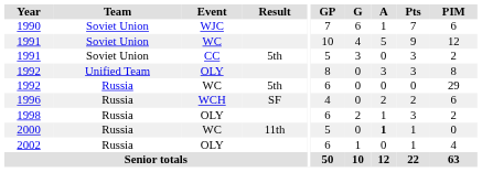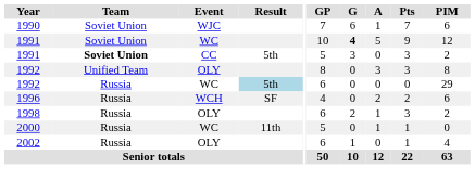 <table border="0" cellpadding="1" cellspacing="0" ID="Table3" style="text-align:center; width:40em">
 <tr bgcolor="#e0e0e0">
 <th>Year</th>
 <th>Team</th>
 <th>Event</th>
 <th>Result</th>
 <th rowspan="99" bgcolor="#ffffff"></th>
 <th>GP</th>
 <th>G</th>
 <th>A</th>
 <th>Pts</th>
 <th>PIM</th>
 </tr>
 <tr>
 <td><a href='#'>1990</a></td>
 <td><a href='#'>Soviet Union</a></td>
 <td><a href='#'>WJC</a></td>
 <td></td>
 <td>7</td>
 <td>6</td>
 <td>1</td>
 <td>7</td>
 <td>6</td>
 </tr>
 <tr bgcolor="#f0f0f0">
 <td><a href='#'>1991</a></td>
 <td><a href='#'>Soviet Union</a></td>
 <td><a href='#'>WC</a></td>
 <td></td>
 <td>10</td>
-<td>4</td>
+<td><strong>4</strong></td>
 <td>5</td>
 <td>9</td>
 <td>12</td>
 </tr>
 <tr>
 <td><a href='#'>1991</a></td>
-<td>Soviet Union</td>
+<td><strong>Soviet Union</strong></td>
 <td><a href='#'>CC</a></td>
 <td>5th</td>
 <td>5</td>
 <td>3</td>
 <td>0</td>
 <td>3</td>
 <td>2</td>
 </tr>
 <tr bgcolor="#f0f0f0">
 <td><a href='#'>1992</a></td>
 <td><a href='#'>Unified Team</a></td>
 <td><a href='#'>OLY</a></td>
 <td></td>
 <td>8</td>
 <td>0</td>
 <td>3</td>
 <td>3</td>
 <td>8</td>
 </tr>
 <tr>
 <td><a href='#'>1992</a></td>
 <td><a href='#'>Russia</a></td>
 <td>WC</td>
-<td>5th</td>
+<td style="background: lightblue;">5th</td>
 <td>6</td>
 <td>0</td>
 <td>0</td>
 <td>0</td>
 <td>29</td>
 </tr>
 <tr bgcolor="#f0f0f0">
 <td><a href='#'>1996</a></td>
 <td>Russia</td>
 <td><a href='#'>WCH</a></td>
 <td>SF</td>
 <td>4</td>
 <td>0</td>
 <td>2</td>
 <td>2</td>
 <td>6</td>
 </tr>
 <tr>
 <td><a href='#'>1998</a></td>
 <td>Russia</td>
 <td>OLY</td>
 <td></td>
 <td>6</td>
 <td>2</td>
 <td>1</td>
 <td>3</td>
 <td>2</td>
 </tr>
 <tr bgcolor="#f0f0f0">
 <td><a href='#'>2000</a></td>
 <td>Russia</td>
 <td>WC</td>
 <td>11th</td>
 <td>5</td>
 <td>0</td>
-<td><strong>1</strong></td>
+<td>1</td>
 <td>1</td>
 <td>0</td>
 </tr>
 <tr>
 <td><a href='#'>2002</a></td>
 <td>Russia</td>
 <td>OLY</td>
 <td></td>
 <td>6</td>
 <td>1</td>
 <td>0</td>
 <td>1</td>
 <td>4</td>
 </tr>
 <tr bgcolor="#e0e0e0">
 <th colspan="4">Senior totals</th>
 <th>50</th>
 <th>10</th>
 <th>12</th>
 <th>22</th>
 <th>63</th>
 </tr>
 </table>
